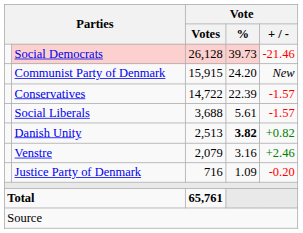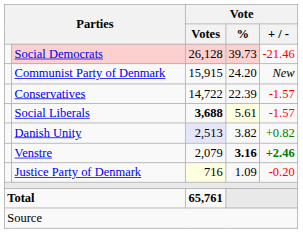 <table class="wikitable" style="text-align:right;">
 <tr>
 <th style="text-align:centre;" rowspan="2" colspan="2" width="225">Parties</th>
 <th colspan="3">Vote</th>
 </tr>
 <tr>
 <th width="15">Votes</th>
 <th width="15">%</th>
 <th width="15">+ / -</th>
 </tr>
 <tr>
 <td width="2" style="color:inherit;background:"></td>
 <td bgcolor=#fbd0ce  align="left"><a href='#'>Social Democrats</a></td>
 <td bgcolor=#fbd0ce>26,128</td>
 <td bgcolor=#fbd0ce>39.73</td>
 <td style=color:red;>-21.46</td>
 </tr>
 <tr>
 <td width="2" style="color:inherit;background:"></td>
 <td align="left"><a href='#'>Communist Party of Denmark</a></td>
 <td>15,915</td>
 <td>24.20</td>
 <td><em>New</em></td>
 </tr>
 <tr>
 <td width="2" style="color:inherit;background:"></td>
 <td align="left"><a href='#'>Conservatives</a></td>
 <td>14,722</td>
 <td>22.39</td>
 <td style=color:red;>-1.57</td>
 </tr>
 <tr>
 <td width="2" style="color:inherit;background:"></td>
 <td align="left"><a href='#'>Social Liberals</a></td>
-<td>3,688</td>
-<td>5.61</td>
+<td><strong>3,688</strong></td>
+<td style="background: lightyellow;">5.61</td>
 <td style=color:red;>-1.57</td>
 </tr>
 <tr>
 <td width="2" style="color:inherit;background:"></td>
 <td align="left"><a href='#'>Danish Unity</a></td>
-<td>2,513</td>
-<td><strong>3.82</strong></td>
+<td style="background: lavender;">2,513</td>
+<td>3.82</td>
 <td style=color:green;>+0.82</td>
 </tr>
 <tr>
 <td width="2" style="color:inherit;background:"></td>
 <td align="left"><a href='#'>Venstre</a></td>
 <td>2,079</td>
-<td>3.16</td>
-<td style=color:green;>+2.46</td>
+<td><strong>3.16</strong></td>
+<td style=color:green;><strong>+2.46</strong></td>
 </tr>
 <tr>
 <td width="2" style="color:inherit;background:"></td>
 <td align="left"><a href='#'>Justice Party of Denmark</a></td>
-<td>716</td>
+<td style="background: lightyellow;">716</td>
 <td>1.09</td>
 <td style=color:red;>-0.20</td>
 </tr>
 <tr>
 <td colspan="7" bgcolor="#E9E9E9"></td>
 </tr>
 <tr>
 <td align="left" colspan="2"><strong>Total</strong></td>
 <td><strong>65,761</strong></td>
 <td bgcolor="#E9E9E9" colspan="2"></td>
 </tr>
 <tr>
 <td align="left" colspan="6">Source</td>
 </tr>
 </table>
